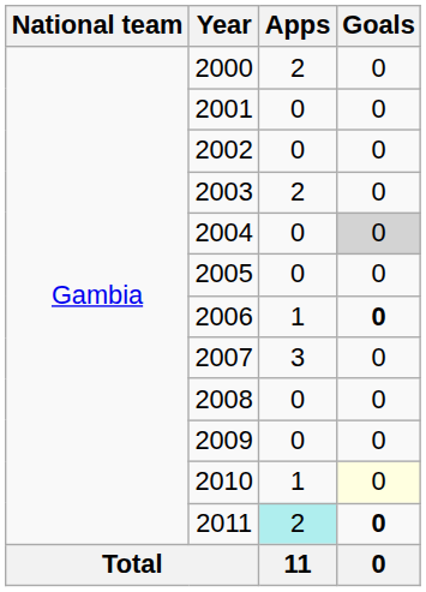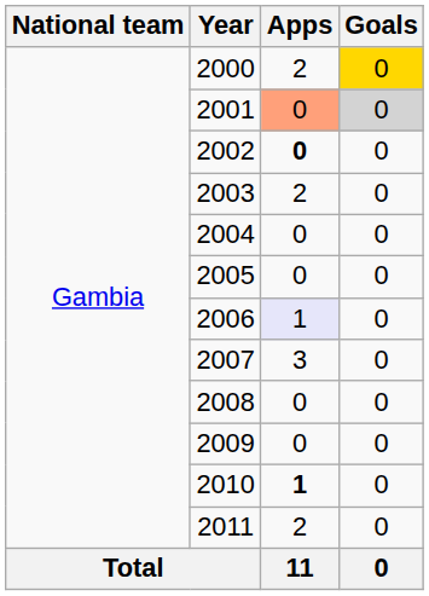 <table class="wikitable" style="text-align:center">
 <tr>
 <th>National team</th>
 <th>Year</th>
 <th>Apps</th>
 <th>Goals</th>
 </tr>
 <tr>
 <td rowspan="12"><a href='#'>Gambia</a></td>
 <td>2000</td>
 <td>2</td>
-<td>0</td>
+<td style="background: gold;">0</td>
 </tr>
 <tr>
 <td>2001</td>
-<td>0</td>
-<td>0</td>
+<td style="background: lightsalmon;">0</td>
+<td style="background: lightgrey;">0</td>
 </tr>
 <tr>
 <td>2002</td>
-<td>0</td>
+<td><strong>0</strong></td>
 <td>0</td>
 </tr>
 <tr>
 <td>2003</td>
 <td>2</td>
 <td>0</td>
 </tr>
 <tr>
 <td>2004</td>
 <td>0</td>
-<td style="background: lightgrey;">0</td>
+<td>0</td>
 </tr>
 <tr>
 <td>2005</td>
 <td>0</td>
 <td>0</td>
 </tr>
 <tr>
 <td>2006</td>
-<td>1</td>
-<td><strong>0</strong></td>
+<td style="background: lavender;">1</td>
+<td>0</td>
 </tr>
 <tr>
 <td>2007</td>
 <td>3</td>
 <td>0</td>
 </tr>
 <tr>
 <td>2008</td>
 <td>0</td>
 <td>0</td>
 </tr>
 <tr>
 <td>2009</td>
 <td>0</td>
 <td>0</td>
 </tr>
 <tr>
 <td>2010</td>
-<td>1</td>
-<td style="background: lightyellow;">0</td>
+<td><strong>1</strong></td>
+<td>0</td>
 </tr>
 <tr>
 <td>2011</td>
-<td style="background: paleturquoise;">2</td>
-<td><strong>0</strong></td>
+<td>2</td>
+<td>0</td>
 </tr>
 <tr>
 <th colspan="2">Total</th>
 <th>11</th>
 <th>0</th>
 </tr>
 </table>
